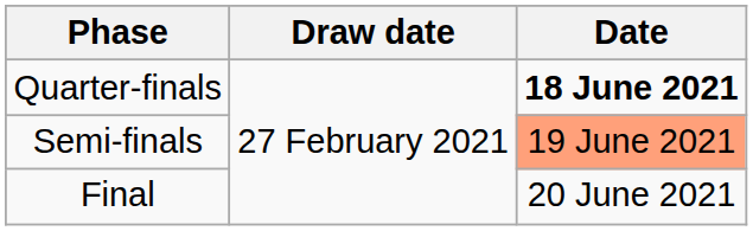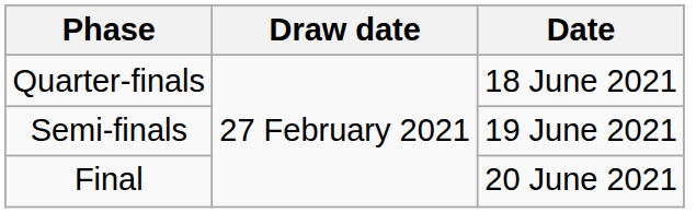 <table class="wikitable" style="text-align:center">
 <tr>
 <th>Phase</th>
 <th>Draw date</th>
 <th>Date</th>
 </tr>
 <tr>
 <td>Quarter-finals</td>
 <td rowspan="5">27 February 2021</td>
-<td><strong>18 June 2021</strong></td>
+<td>18 June 2021</td>
 </tr>
 <tr>
 <td>Semi-finals</td>
-<td style="background: lightsalmon;">19 June 2021</td>
+<td>19 June 2021</td>
 </tr>
 <tr>
 <td>Final</td>
 <td>20 June 2021</td>
 </tr>
 </table>
